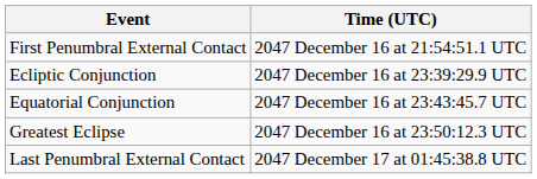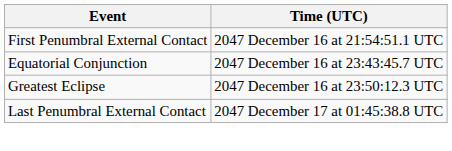 <table class="wikitable">
 <tr>
 <th>Event</th>
 <th>Time (UTC)</th>
 </tr>
 <tr>
 <td>First Penumbral External Contact</td>
 <td>2047 December 16 at 21:54:51.1 UTC</td>
-</tr>
-<tr>
-<td>Ecliptic Conjunction</td>
-<td>2047 December 16 at 23:39:29.9 UTC</td>
 </tr>
 <tr>
 <td>Equatorial Conjunction</td>
 <td>2047 December 16 at 23:43:45.7 UTC</td>
 </tr>
 <tr>
 <td>Greatest Eclipse</td>
 <td>2047 December 16 at 23:50:12.3 UTC</td>
 </tr>
 <tr>
 <td>Last Penumbral External Contact</td>
 <td>2047 December 17 at 01:45:38.8 UTC</td>
 </tr>
 </table>
